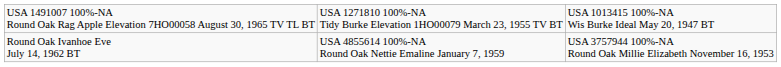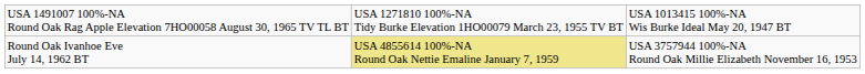 <table class="wikitable">
 <tr>
 <td>USA 1491007 100%-NA<br>Round Oak Rag Apple Elevation 7HO00058  August 30, 1965 TV TL BT</td>
 <td>USA 1271810 100%-NA<br>Tidy Burke Elevation 1HO00079  March 23, 1955 TV BT</td>
 <td>USA 1013415 100%-NA<br>Wis Burke Ideal May 20, 1947 BT</td>
 </tr>
 <tr>
 <td>Round Oak Ivanhoe Eve<br>July 14, 1962 BT</td>
-<td>USA 4855614 100%-NA<br>Round Oak Nettie Emaline January 7, 1959</td>
+<td style="background: khaki;">USA 4855614 100%-NA<br>Round Oak Nettie Emaline January 7, 1959</td>
 <td>USA 3757944 100%-NA<br>Round Oak Millie Elizabeth November 16, 1953</td>
 </tr>
 </table>
